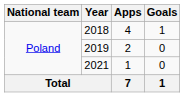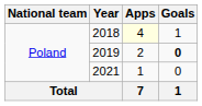 <table class="wikitable" style="text-align:center">
 <tr>
 <th>National team</th>
 <th>Year</th>
 <th>Apps</th>
 <th>Goals</th>
 </tr>
 <tr>
 <td rowspan="3"><a href='#'>Poland</a></td>
 <td>2018</td>
-<td>4</td>
+<td style="background: lightyellow;">4</td>
 <td>1</td>
 </tr>
 <tr>
 <td>2019</td>
 <td>2</td>
-<td>0</td>
+<td><strong>0</strong></td>
 </tr>
 <tr>
 <td>2021</td>
 <td>1</td>
 <td>0</td>
 </tr>
 <tr>
 <th colspan="2">Total</th>
 <th>7</th>
 <th>1</th>
 </tr>
 </table>
